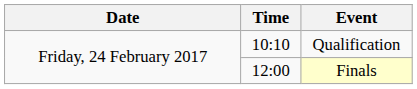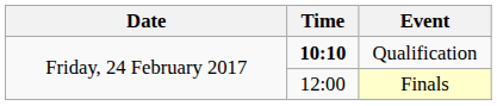 <table class = "wikitable" style="text-align:center;">
 <tr>
 <th width=220>Date</th>
 <th width=50>Time</th>
 <th width=100>Event</th>
 </tr>
 <tr>
 <td rowspan=2>Friday, 24 February 2017</td>
-<td>10:10</td>
+<td><strong>10:10</strong></td>
 <td>Qualification</td>
 </tr>
 <tr>
 <td>12:00</td>
 <td bgcolor=ffffcc>Finals</td>
 </tr>
 </table>
